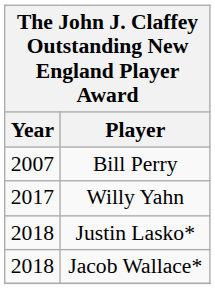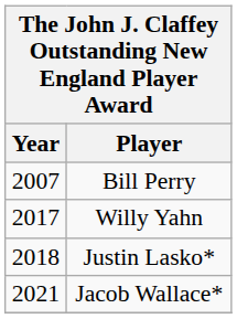 <table class="wikitable" style="display: inline-table; margin-right: 20px; text-align:center">
 <tr>
 <th scope="col" colspan="2" style="width: 145px;">The John J. Claffey Outstanding New England Player Award</th>
 </tr>
 <tr>
 <th scope="col">Year</th>
 <th scope="col">Player</th>
 </tr>
 <tr>
 <td>2007</td>
 <td>Bill Perry</td>
 </tr>
 <tr>
 <td>2017</td>
 <td>Willy Yahn</td>
 </tr>
 <tr>
 <td>2018</td>
 <td>Justin Lasko*</td>
 </tr>
 <tr>
-<td>2018</td>
+<td>2021</td>
 <td>Jacob Wallace*</td>
 </tr>
 <tr>
 </tr>
 </table>
